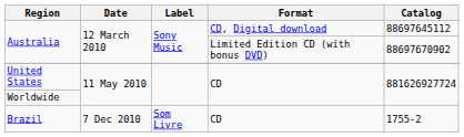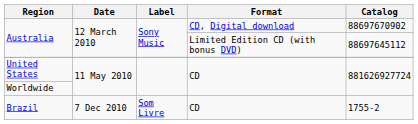 <table class="wikitable">
 <tr>
 <th>Region</th>
 <th>Date</th>
 <th>Label</th>
 <th>Format</th>
 <th>Catalog</th>
 </tr>
 <tr>
 <td rowspan="2"><a href='#'>Australia</a></td>
 <td rowspan="2">12 March 2010</td>
 <td rowspan="2"><a href='#'>Sony Music</a></td>
 <td><a href='#'>CD</a>, <a href='#'>Digital download</a></td>
-<td>88697645112</td>
+<td>88697670902</td>
 </tr>
 <tr>
 <td>Limited Edition CD (with bonus <a href='#'>DVD</a>)</td>
-<td>88697670902</td>
+<td>88697645112</td>
 </tr>
 <tr>
 </tr>
 <tr>
 <td><a href='#'>United States</a></td>
 <td rowspan="2">11 May 2010</td>
 <td rowspan="2"></td>
 <td rowspan="2">CD</td>
 <td rowspan="2">881626927724</td>
 </tr>
 <tr>
 <td>Worldwide</td>
 </tr>
 <tr>
 <td><a href='#'>Brazil</a></td>
 <td rowspan="2">7 Dec 2010</td>
 <td rowspan="2"><a href='#'>Som Livre</a></td>
 <td rowspan="2">CD</td>
 <td rowspan="2">1755-2</td>
 </tr>
 </table>
